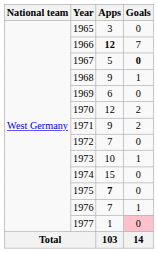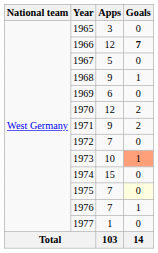 <table class="wikitable" style="text-align:center">
 <tr>
 <th>National team</th>
 <th>Year</th>
 <th>Apps</th>
 <th>Goals</th>
 </tr>
 <tr>
 <td rowspan="13"><a href='#'>West Germany</a></td>
 <td>1965</td>
 <td>3</td>
 <td>0</td>
 </tr>
 <tr>
 <td>1966</td>
-<td><strong>12</strong></td>
-<td>7</td>
+<td>12</td>
+<td><strong>7</strong></td>
 </tr>
 <tr>
 <td>1967</td>
 <td>5</td>
-<td><strong>0</strong></td>
+<td>0</td>
 </tr>
 <tr>
 <td>1968</td>
 <td>9</td>
 <td>1</td>
 </tr>
 <tr>
 <td>1969</td>
 <td>6</td>
 <td>0</td>
 </tr>
 <tr>
 <td>1970</td>
 <td>12</td>
 <td>2</td>
 </tr>
 <tr>
 <td>1971</td>
 <td>9</td>
 <td>2</td>
 </tr>
 <tr>
 <td>1972</td>
 <td>7</td>
 <td>0</td>
 </tr>
 <tr>
 <td>1973</td>
 <td>10</td>
-<td>1</td>
+<td style="background: lightsalmon;">1</td>
 </tr>
 <tr>
 <td>1974</td>
 <td>15</td>
 <td>0</td>
 </tr>
 <tr>
 <td>1975</td>
-<td><strong>7</strong></td>
-<td>0</td>
+<td>7</td>
+<td style="background: lightyellow;">0</td>
 </tr>
 <tr>
 <td>1976</td>
 <td>7</td>
 <td>1</td>
 </tr>
 <tr>
 <td>1977</td>
 <td>1</td>
-<td style="background: pink;">0</td>
+<td>0</td>
 </tr>
 <tr>
 <th colspan="2">Total</th>
 <th>103</th>
 <th>14</th>
 </tr>
 </table>
